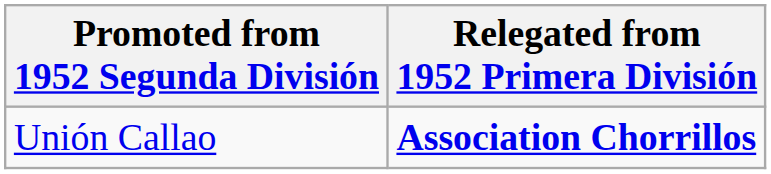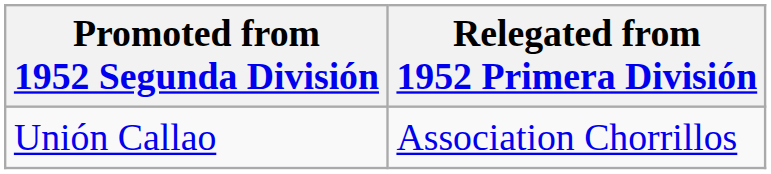 <table class="wikitable">
 <tr>
 <th>Promoted from<br><a href='#'>1952 Segunda División</a></th>
 <th>Relegated from<br><a href='#'>1952 Primera División</a></th>
 </tr>
 <tr>
 <td> <a href='#'>Unión Callao</a> </td>
-<td><strong> <a href='#'>Association Chorrillos</a> </strong></td>
+<td> <a href='#'>Association Chorrillos</a> </td>
 </tr>
 </table>
